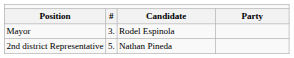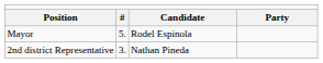 <table class="wikitable" style="font-size:90%">
 <tr>
 <td colspan="5"></td>
 </tr>
 <tr>
 <th>Position</th>
 <th>#</th>
 <th width=150px>Candidate</th>
 <th colspan="2" width="110px">Party</th>
 </tr>
 <tr>
 <td>Mayor</td>
-<td>3.</td>
+<td>5.</td>
 <td>Rodel Espinola</td>
 <td></td>
 </tr>
 <tr>
 <td>2nd district Representative</td>
-<td>5.</td>
+<td>3.</td>
 <td>Nathan Pineda</td>
 <td></td>
 </tr>
 </table>
